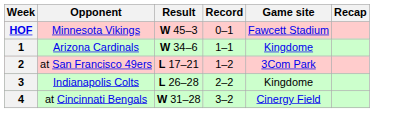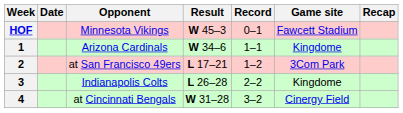 <table class="wikitable" style="text-align:center">
 <tr>
 <th>Week</th>
+<th>Date</th>
 <th>Opponent</th>
 <th>Result</th>
 <th>Record</th>
 <th>Game site</th>
 <th>Recap</th>
 </tr>
 <tr style="background:#fcc">
 <th><a href='#'>HOF</a></th>
+<td></td>
 <td><a href='#'>Minnesota Vikings</a></td>
 <td><strong>W</strong> 45–3</td>
 <td>0–1</td>
 <td><a href='#'>Fawcett Stadium</a> </td>
 <td></td>
 </tr>
 <tr style="background:#cfc">
 <th>1</th>
+<td></td>
 <td><a href='#'>Arizona Cardinals</a></td>
 <td><strong>W</strong> 34–6</td>
 <td>1–1</td>
 <td><a href='#'>Kingdome</a></td>
 <td></td>
 </tr>
 <tr style="background:#fcc">
 <th>2</th>
+<td></td>
 <td>at <a href='#'>San Francisco 49ers</a></td>
 <td><strong>L</strong> 17–21</td>
 <td>1–2</td>
 <td><a href='#'>3Com Park</a></td>
 <td></td>
 </tr>
 <tr style="background:#cfc">
 <th>3</th>
+<td></td>
 <td><a href='#'>Indianapolis Colts</a></td>
 <td><strong>L</strong> 26–28</td>
 <td>2–2</td>
 <td>Kingdome</td>
 <td></td>
 </tr>
 <tr style="background:#cfc">
 <th>4</th>
+<td></td>
 <td>at <a href='#'>Cincinnati Bengals</a></td>
 <td><strong>W</strong> 31–28</td>
 <td>3–2</td>
 <td><a href='#'>Cinergy Field</a></td>
 <td></td>
 </tr>
 </table>
